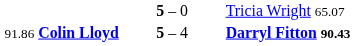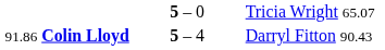 <table style="text-align:center">
 <tr>
 <th width=223></th>
 <th width=100></th>
 <th width=223></th>
 </tr>
 <tr>
 <td align=right></td>
 <td><strong>5</strong> – 0</td>
 <td align=left> <a href='#'>Tricia Wright</a> <small>65.07</small></td>
 </tr>
 <tr>
 <td align=right><small>91.86</small> <strong><a href='#'>Colin Lloyd</a></strong> </td>
 <td><strong>5</strong> – 4</td>
-<td align=left><strong> <a href='#'>Darryl Fitton</a> <small>90.43</small></strong></td>
+<td align=left> <a href='#'>Darryl Fitton</a> <small>90.43</small></td>
 </tr>
 </table>
